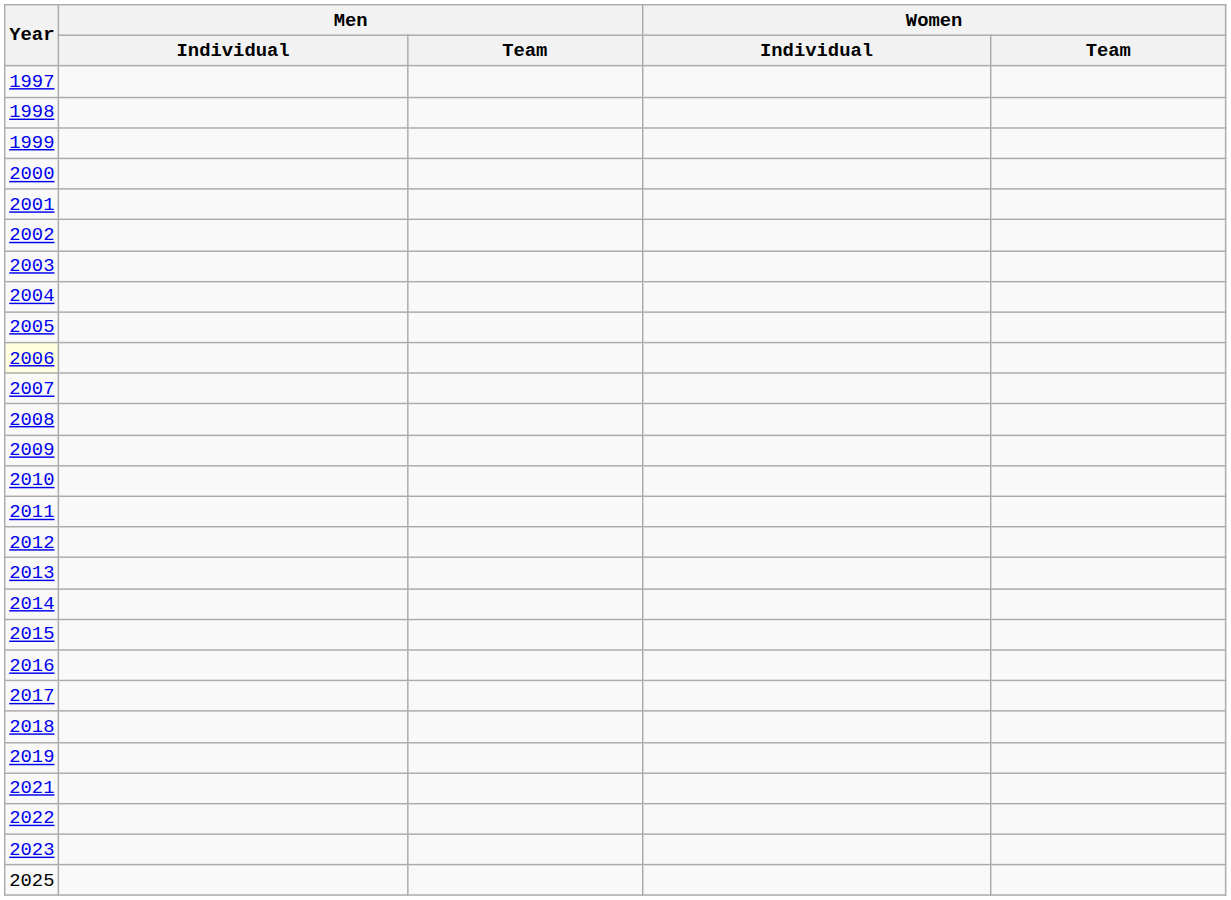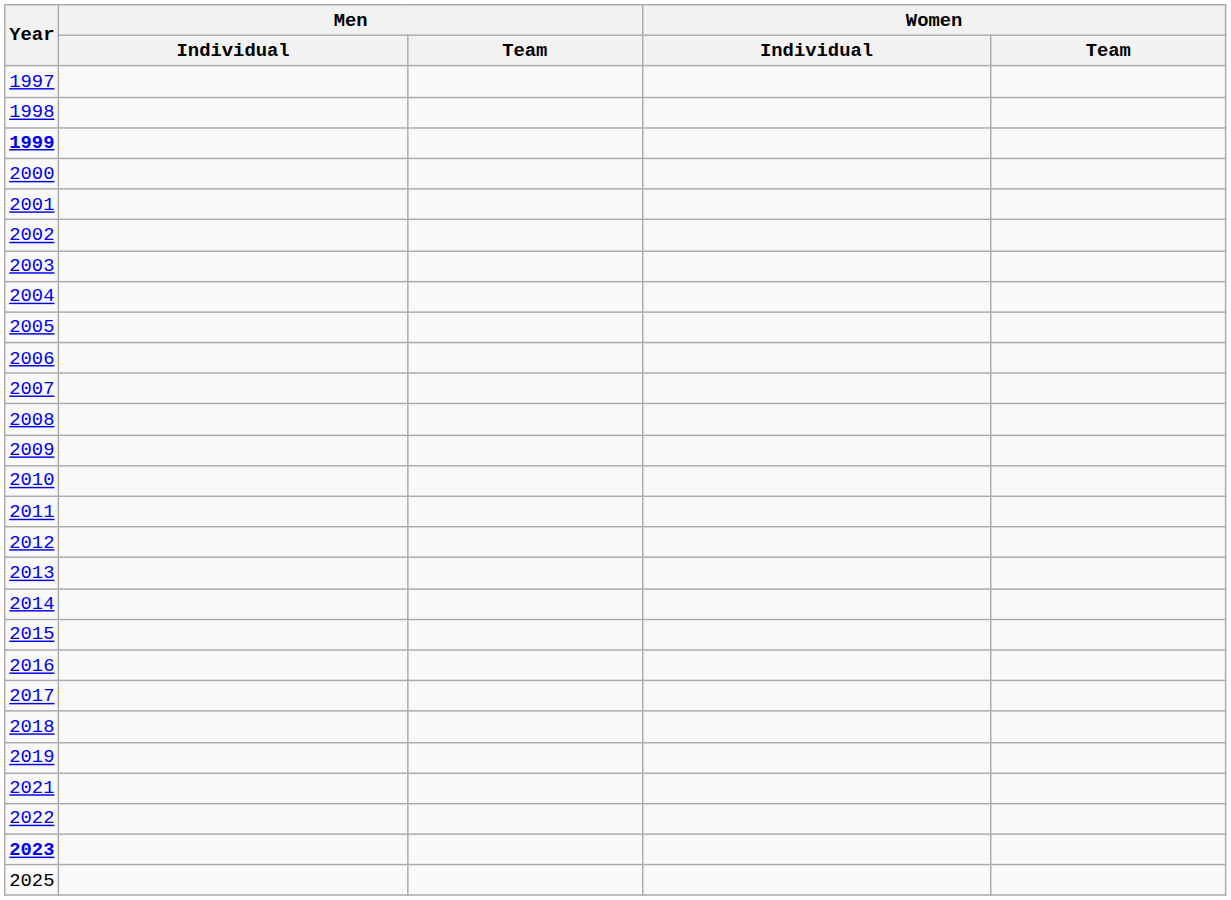 <table class="wikitable">
 <tr>
 <th rowspan=2>Year</th>
 <th colspan=2>Men</th>
 <th colspan=2>Women</th>
 </tr>
 <tr>
 <th style="width: 18em">Individual</th>
 <th style="width: 12em">Team</th>
 <th style="width: 18em">Individual</th>
 <th style="width: 12em">Team</th>
 </tr>
 <tr>
 <td><a href='#'>1997</a></td>
 <td></td>
 <td></td>
 <td></td>
 <td></td>
 </tr>
 <tr>
 <td><a href='#'>1998</a></td>
 <td></td>
 <td></td>
 <td></td>
 <td></td>
 </tr>
 <tr>
-<td><a href='#'>1999</a></td>
+<td><strong><a href='#'>1999</a></strong></td>
 <td></td>
 <td></td>
 <td></td>
 <td></td>
 </tr>
 <tr>
 <td><a href='#'>2000</a></td>
 <td></td>
 <td></td>
 <td></td>
 <td></td>
 </tr>
 <tr>
 <td><a href='#'>2001</a></td>
 <td></td>
 <td></td>
 <td></td>
 <td></td>
 </tr>
 <tr>
 <td><a href='#'>2002</a></td>
 <td></td>
 <td></td>
 <td></td>
 <td></td>
 </tr>
 <tr>
 <td><a href='#'>2003</a></td>
 <td></td>
 <td></td>
 <td></td>
 <td></td>
 </tr>
 <tr>
 <td><a href='#'>2004</a></td>
 <td></td>
 <td></td>
 <td></td>
 <td></td>
 </tr>
 <tr>
 <td><a href='#'>2005</a></td>
 <td></td>
 <td></td>
 <td></td>
 <td></td>
 </tr>
 <tr>
-<td style="background: lightyellow;"><a href='#'>2006</a></td>
+<td><a href='#'>2006</a></td>
 <td></td>
 <td></td>
 <td></td>
 <td></td>
 </tr>
 <tr>
 <td><a href='#'>2007</a></td>
 <td></td>
 <td></td>
 <td></td>
 <td></td>
 </tr>
 <tr>
 <td><a href='#'>2008</a></td>
 <td></td>
 <td></td>
 <td></td>
 <td></td>
 </tr>
 <tr>
 <td><a href='#'>2009</a></td>
 <td></td>
 <td></td>
 <td></td>
 <td></td>
 </tr>
 <tr>
 <td><a href='#'>2010</a></td>
 <td></td>
 <td></td>
 <td></td>
 <td></td>
 </tr>
 <tr>
 <td><a href='#'>2011</a></td>
 <td></td>
 <td></td>
 <td></td>
 <td></td>
 </tr>
 <tr>
 <td><a href='#'>2012</a></td>
 <td></td>
 <td></td>
 <td></td>
 <td></td>
 </tr>
 <tr>
 <td><a href='#'>2013</a></td>
 <td></td>
 <td></td>
 <td></td>
 <td></td>
 </tr>
 <tr>
 <td><a href='#'>2014</a></td>
 <td></td>
 <td></td>
 <td></td>
 <td></td>
 </tr>
 <tr>
 <td><a href='#'>2015</a></td>
 <td></td>
 <td></td>
 <td></td>
 <td></td>
 </tr>
 <tr>
 <td><a href='#'>2016</a></td>
 <td></td>
 <td></td>
 <td></td>
 <td></td>
 </tr>
 <tr>
 <td><a href='#'>2017</a></td>
 <td></td>
 <td></td>
 <td></td>
 <td></td>
 </tr>
 <tr>
 <td><a href='#'>2018</a></td>
 <td></td>
 <td></td>
 <td></td>
 <td></td>
 </tr>
 <tr>
 <td><a href='#'>2019</a></td>
 <td></td>
 <td></td>
 <td></td>
 <td></td>
 </tr>
 <tr>
 <td><a href='#'>2021</a></td>
 <td></td>
 <td></td>
 <td></td>
 <td></td>
 </tr>
 <tr>
 <td><a href='#'>2022</a></td>
 <td></td>
 <td></td>
 <td></td>
 <td></td>
 </tr>
 <tr>
-<td><a href='#'>2023</a></td>
+<td><strong><a href='#'>2023</a></strong></td>
 <td></td>
 <td></td>
 <td></td>
 <td></td>
 </tr>
 <tr>
 <td>2025</td>
 <td></td>
 <td></td>
 <td></td>
 <td></td>
 </tr>
 </table>
